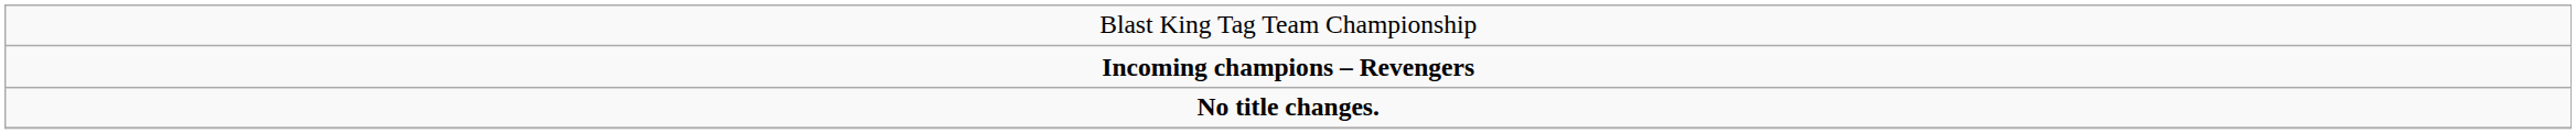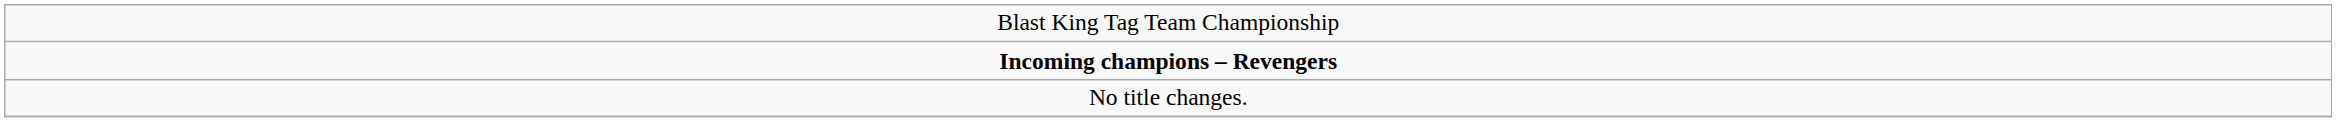 <table class="wikitable" style="text-align:center; width:100%;">
 <tr>
 <td colspan="4" style="text-align: center;">Blast King Tag Team Championship</td>
 </tr>
 <tr>
 <td colspan="4" style="text-align: center;"><strong>Incoming champions – Revengers </strong></td>
 </tr>
 <tr>
-<td><strong>No title changes.</strong></td>
+<td>No title changes.</td>
 </tr>
 <tr>
 </tr>
 </table>
